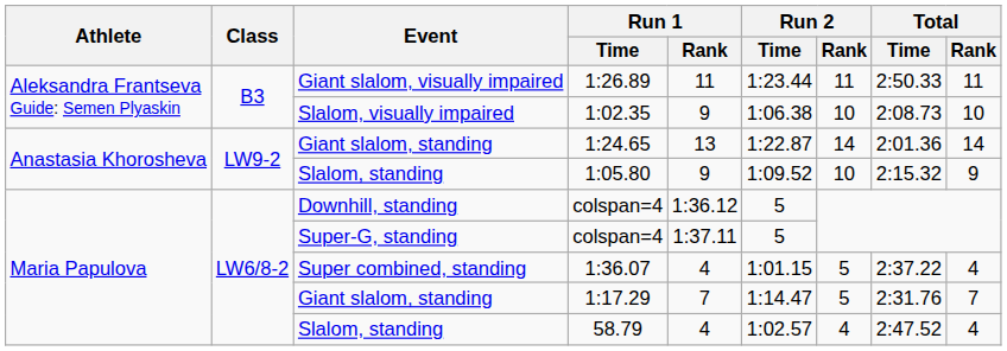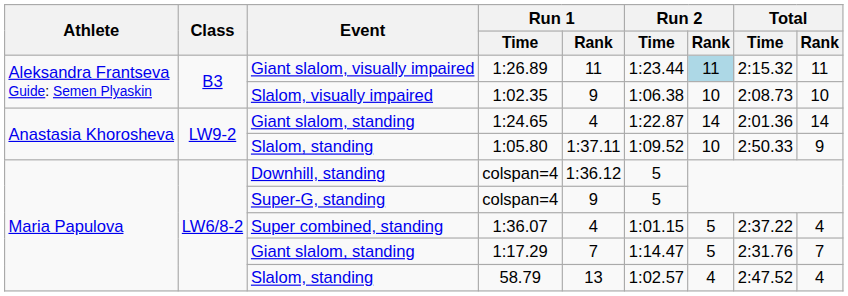 <table class="wikitable" style="font-size:90%">
 <tr>
 <th rowspan=2>Athlete</th>
 <th rowspan=2>Class</th>
 <th rowspan=2>Event</th>
 <th colspan=2>Run 1</th>
 <th colspan=2>Run 2</th>
 <th colspan=2>Total</th>
 </tr>
 <tr style="font-size:95%">
 <th>Time</th>
 <th>Rank</th>
 <th>Time</th>
 <th>Rank</th>
 <th>Time</th>
 <th>Rank</th>
 </tr>
 <tr align=center>
 <td rowspan=2 align=left><a href='#'>Aleksandra Frantseva</a><br><small><a href='#'>Guide</a>: <a href='#'>Semen Plyaskin</a></small></td>
 <td rowspan=2><a href='#'>B3</a></td>
 <td align=left><a href='#'>Giant slalom, visually impaired</a></td>
 <td>1:26.89</td>
 <td>11</td>
 <td>1:23.44</td>
-<td>11</td>
-<td>2:50.33</td>
+<td style="background: lightblue;">11</td>
+<td>2:15.32</td>
 <td>11</td>
 </tr>
 <tr align=center>
 <td align=left><a href='#'>Slalom, visually impaired</a></td>
 <td>1:02.35</td>
 <td>9</td>
 <td>1:06.38</td>
 <td>10</td>
 <td>2:08.73</td>
 <td>10</td>
 </tr>
 <tr align=center>
 <td rowspan=2 align=left><a href='#'>Anastasia Khorosheva</a></td>
 <td rowspan=2><a href='#'>LW9-2</a></td>
 <td align=left><a href='#'>Giant slalom, standing</a></td>
 <td>1:24.65</td>
-<td>13</td>
+<td>4</td>
 <td>1:22.87</td>
 <td>14</td>
 <td>2:01.36</td>
 <td>14</td>
 </tr>
 <tr align=center>
 <td align=left><a href='#'>Slalom, standing</a></td>
 <td>1:05.80</td>
-<td>9</td>
+<td>1:37.11</td>
 <td>1:09.52</td>
 <td>10</td>
-<td>2:15.32</td>
+<td>2:50.33</td>
 <td>9</td>
 </tr>
 <tr align=center>
 <td rowspan=5 align=left><a href='#'>Maria Papulova</a></td>
 <td rowspan=5><a href='#'>LW6/8-2</a></td>
 <td align=left><a href='#'>Downhill, standing</a></td>
 <td>colspan=4</td>
 <td>1:36.12</td>
 <td>5</td>
 </tr>
 <tr align=center>
 <td align=left><a href='#'>Super-G, standing</a></td>
 <td>colspan=4 </td>
-<td>1:37.11</td>
+<td>9</td>
 <td>5</td>
 </tr>
 <tr align=center>
 <td align=left><a href='#'>Super combined, standing</a></td>
 <td>1:36.07</td>
 <td>4</td>
 <td>1:01.15</td>
 <td>5</td>
 <td>2:37.22</td>
 <td>4</td>
 </tr>
 <tr align=center>
 <td align=left><a href='#'>Giant slalom, standing</a></td>
 <td>1:17.29</td>
 <td>7</td>
 <td>1:14.47</td>
 <td>5</td>
 <td>2:31.76</td>
 <td>7</td>
 </tr>
 <tr align=center>
 <td align=left><a href='#'>Slalom, standing</a></td>
 <td>58.79</td>
-<td>4</td>
+<td>13</td>
 <td>1:02.57</td>
 <td>4</td>
 <td>2:47.52</td>
 <td>4</td>
 </tr>
 </table>
